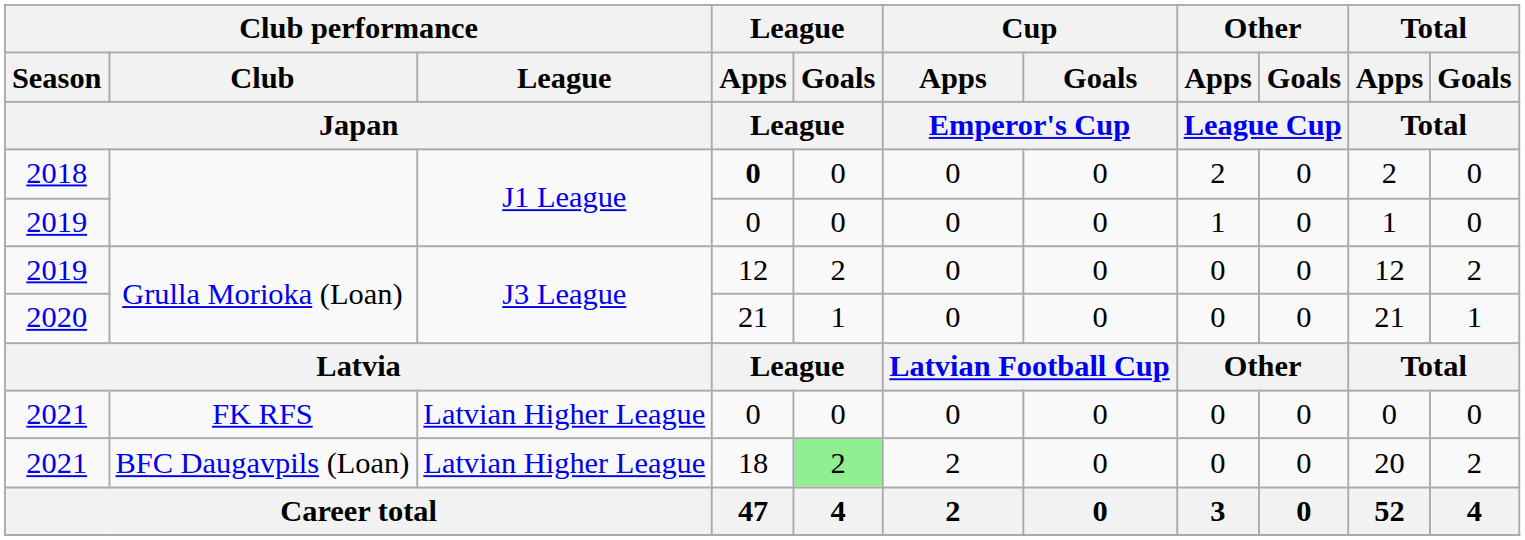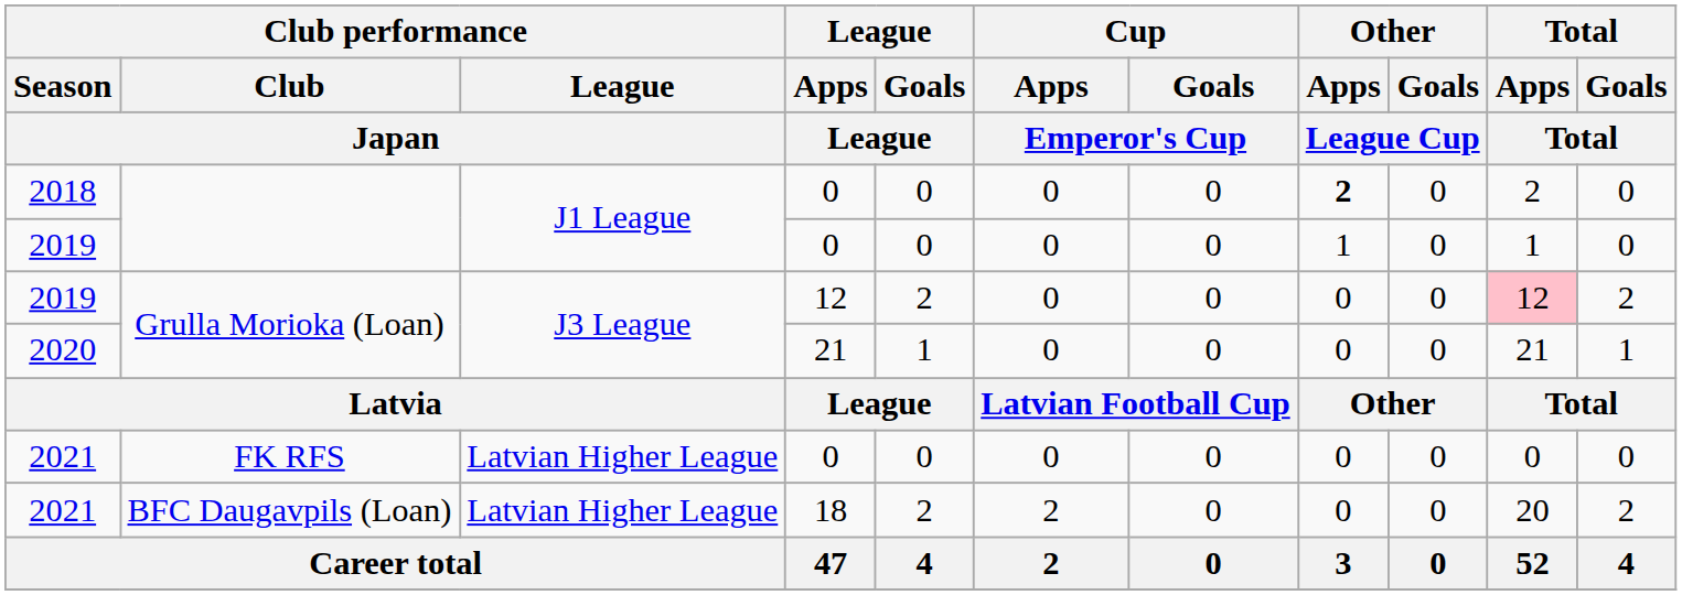 <table class="wikitable" style="text-align:center;">
 <tr>
 <th colspan=3>Club performance</th>
 <th colspan=2>League</th>
 <th colspan=2>Cup</th>
 <th colspan=2>Other</th>
 <th colspan=2>Total</th>
 </tr>
 <tr>
 <th>Season</th>
 <th>Club</th>
 <th>League</th>
 <th>Apps</th>
 <th>Goals</th>
 <th>Apps</th>
 <th>Goals</th>
 <th>Apps</th>
 <th>Goals</th>
 <th>Apps</th>
 <th>Goals</th>
 </tr>
 <tr>
 <th colspan=3>Japan</th>
 <th colspan=2>League</th>
 <th colspan=2><a href='#'>Emperor's Cup</a></th>
 <th colspan=2><a href='#'>League Cup</a></th>
 <th colspan=2>Total</th>
 </tr>
 <tr>
 <td><a href='#'>2018</a></td>
 <td rowspan="2"></td>
 <td rowspan="2"><a href='#'>J1 League</a></td>
-<td><strong>0</strong></td>
 <td>0</td>
 <td>0</td>
 <td>0</td>
-<td>2</td>
+<td>0</td>
+<td><strong>2</strong></td>
 <td>0</td>
 <td>2</td>
 <td>0</td>
 </tr>
 <tr>
 <td><a href='#'>2019</a></td>
 <td>0</td>
 <td>0</td>
 <td>0</td>
 <td>0</td>
 <td>1</td>
 <td>0</td>
 <td>1</td>
 <td>0</td>
 </tr>
 <tr>
 <td><a href='#'>2019</a></td>
 <td rowspan="2"><a href='#'>Grulla Morioka</a> (Loan)</td>
 <td rowspan="2"><a href='#'>J3 League</a></td>
 <td>12</td>
 <td>2</td>
 <td>0</td>
 <td>0</td>
 <td>0</td>
 <td>0</td>
-<td>12</td>
+<td style="background: pink;">12</td>
 <td>2</td>
 </tr>
 <tr>
 <td><a href='#'>2020</a></td>
 <td>21</td>
 <td>1</td>
 <td>0</td>
 <td>0</td>
 <td>0</td>
 <td>0</td>
 <td>21</td>
 <td>1</td>
 </tr>
 <tr>
 <th colspan=3>Latvia</th>
 <th colspan=2>League</th>
 <th colspan=2><a href='#'>Latvian Football Cup</a></th>
 <th colspan=2>Other</th>
 <th colspan=2>Total</th>
 </tr>
 <tr>
 <td><a href='#'>2021</a></td>
 <td rowspan="1"><a href='#'>FK RFS</a></td>
 <td rowspan="1"><a href='#'>Latvian Higher League</a></td>
 <td>0</td>
 <td>0</td>
 <td>0</td>
 <td>0</td>
 <td>0</td>
 <td>0</td>
 <td>0</td>
 <td>0</td>
 </tr>
 <tr>
 <td><a href='#'>2021</a></td>
 <td rowspan="1"><a href='#'>BFC Daugavpils</a> (Loan)</td>
 <td rowspan="1"><a href='#'>Latvian Higher League</a></td>
 <td>18</td>
-<td style="background: lightgreen;">2</td>
+<td>2</td>
 <td>2</td>
 <td>0</td>
 <td>0</td>
 <td>0</td>
 <td>20</td>
 <td>2</td>
 </tr>
 <tr>
 <th colspan=3>Career total</th>
 <th>47</th>
 <th>4</th>
 <th>2</th>
 <th>0</th>
 <th>3</th>
 <th>0</th>
 <th>52</th>
 <th>4</th>
 </tr>
 <tr>
 </tr>
 </table>
